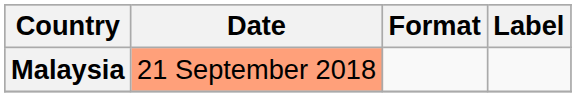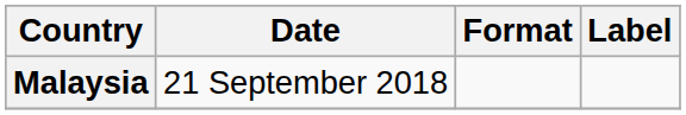 <table class="wikitable plainrowheaders">
 <tr>
 <th scope="col">Country</th>
 <th scope="col">Date</th>
 <th scope="col">Format</th>
 <th scope="col">Label</th>
 </tr>
 <tr>
 <th scope="row">Malaysia</th>
-<td style="background: lightsalmon;">21 September 2018</td>
+<td>21 September 2018</td>
 <td></td>
 <td></td>
 </tr>
 <tr>
 </tr>
 </table>
